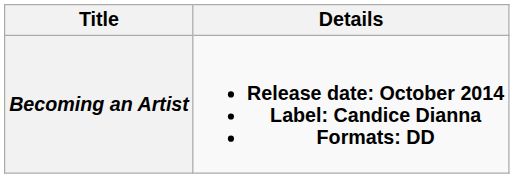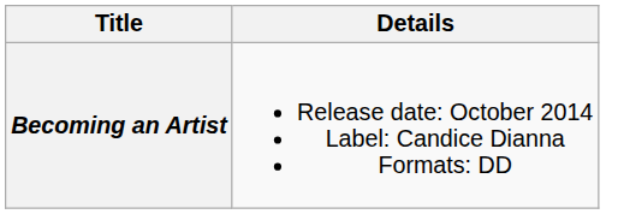 <table class="wikitable plainrowheaders" style="text-align:center;">
 <tr>
 <th>Title</th>
 <th>Details</th>
 </tr>
 <tr>
 <th scope="row"><em>Becoming an Artist</em></th>
-<td><strong><br><ul><li>Release date: October 2014</li><li>Label: Candice Dianna</li><li>Formats: DD</li></ul></strong></td>
+<td><br><ul><li>Release date: October 2014</li><li>Label: Candice Dianna</li><li>Formats: DD</li></ul></td>
 </tr>
 </table>
